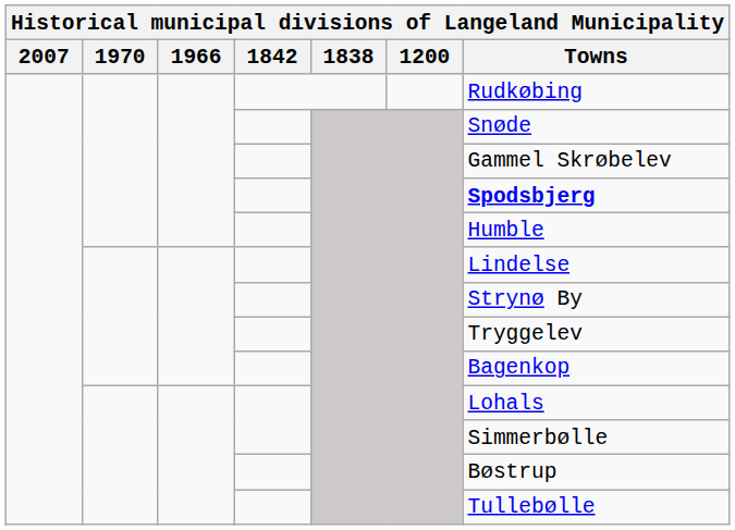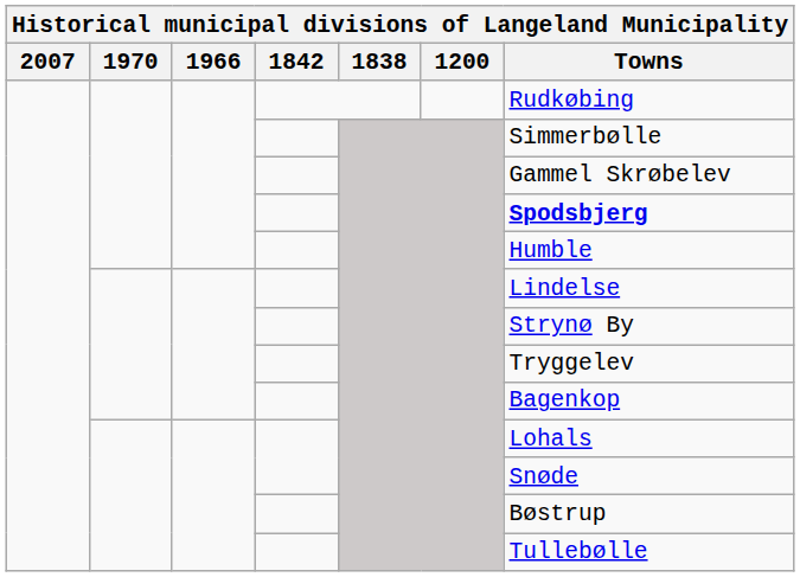 <table class="wikitable" style="margin-left:1em;" style="text-align: center">
 <tr>
 <th colspan="99">Historical municipal divisions of Langeland Municipality</th>
 </tr>
 <tr>
 <th>2007</th>
 <th>1970</th>
 <th>1966</th>
 <th>1842</th>
 <th>1838</th>
 <th>1200</th>
 <th>Towns</th>
 </tr>
 <tr>
 <td rowspan="99"></td>
 <td rowspan="5"></td>
 <td rowspan="5"></td>
 <td colspan="2"></td>
 <td></td>
 <td><a href='#'>Rudkøbing</a></td>
 </tr>
 <tr>
 <td></td>
 <td rowspan="99" colspan="2" style="background:#CDC9C9;"></td>
-<td><a href='#'>Snøde</a></td>
+<td>Simmerbølle</td>
 </tr>
 <tr>
 <td></td>
 <td>Gammel Skrøbelev</td>
 </tr>
 <tr>
 <td></td>
 <td><strong><a href='#'>Spodsbjerg</a></strong></td>
 </tr>
 <tr>
 <td></td>
 <td><a href='#'>Humble</a></td>
 </tr>
 <tr>
 <td rowspan="4"></td>
 <td rowspan="4"></td>
 <td></td>
 <td><a href='#'>Lindelse</a></td>
 </tr>
 <tr>
 <td></td>
 <td><a href='#'>Strynø</a> By</td>
 </tr>
 <tr>
 <td></td>
 <td>Tryggelev</td>
 </tr>
 <tr>
 <td></td>
 <td><a href='#'>Bagenkop</a></td>
 </tr>
 <tr>
 <td rowspan="4"></td>
 <td rowspan="4"></td>
 <td rowspan="2"></td>
 <td><a href='#'>Lohals</a></td>
 </tr>
 <tr>
-<td>Simmerbølle</td>
+<td><a href='#'>Snøde</a></td>
 </tr>
 <tr>
 <td></td>
 <td>Bøstrup</td>
 </tr>
 <tr>
 <td></td>
 <td><a href='#'>Tullebølle</a></td>
 </tr>
 </table>
